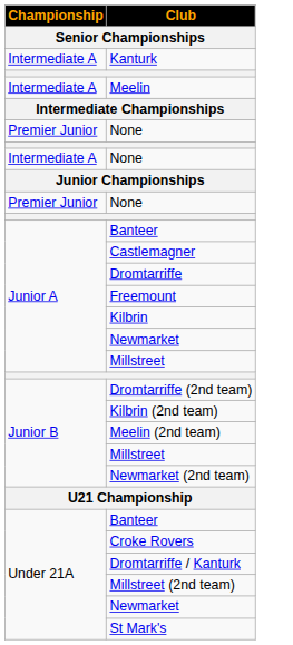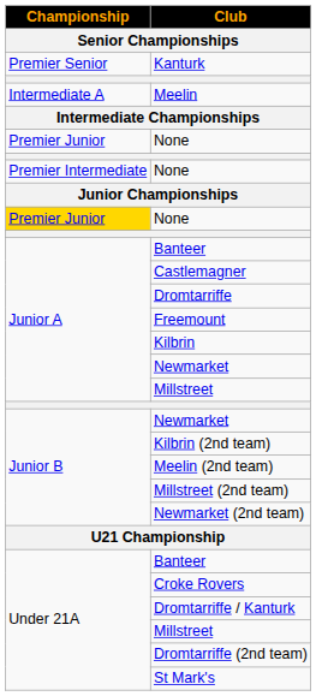 <table class="wikitable sortable">
 <tr>
 <th style="background:black;color:orange">Championship</th>
 <th style="background:black;color:orange">Club</th>
 </tr>
 <tr>
 <th colspan="2">Senior Championships</th>
 </tr>
 <tr>
-<td><a href='#'>Intermediate A</a></td>
+<td><a href='#'>Premier Senior</a></td>
 <td> <a href='#'>Kanturk</a></td>
 </tr>
 <tr>
 <th colspan="2"></th>
 </tr>
 <tr>
 <td><a href='#'>Intermediate A</a></td>
 <td> <a href='#'>Meelin</a></td>
 </tr>
 <tr>
 <th colspan="2">Intermediate Championships</th>
 </tr>
 <tr>
 <td><a href='#'>Premier Junior</a></td>
 <td>None</td>
 </tr>
 <tr>
 <th colspan="2"></th>
 </tr>
 <tr>
-<td><a href='#'>Intermediate A</a></td>
+<td><a href='#'>Premier Intermediate</a></td>
 <td>None</td>
 </tr>
 <tr>
 <th colspan="2">Junior Championships</th>
 </tr>
 <tr>
-<td><a href='#'>Premier Junior</a></td>
+<td style="background: gold;"><a href='#'>Premier Junior</a></td>
 <td>None</td>
 </tr>
 <tr>
 <th colspan="2"></th>
 </tr>
 <tr>
 <td rowspan="7"><a href='#'>Junior A</a></td>
 <td> <a href='#'>Banteer</a></td>
 </tr>
 <tr>
 <td> <a href='#'>Castlemagner</a></td>
 </tr>
 <tr>
 <td> <a href='#'>Dromtarriffe</a></td>
 </tr>
 <tr>
 <td> <a href='#'>Freemount</a></td>
 </tr>
 <tr>
 <td> <a href='#'>Kilbrin</a></td>
 </tr>
 <tr>
 <td> <a href='#'>Newmarket</a></td>
 </tr>
 <tr>
 <td> <a href='#'>Millstreet</a></td>
 </tr>
 <tr>
 <th colspan="2"></th>
 </tr>
 <tr>
 <td rowspan="5"><a href='#'>Junior B</a></td>
-<td> <a href='#'>Dromtarriffe</a> (2nd team)</td>
+<td> <a href='#'>Newmarket</a></td>
 </tr>
 <tr>
 <td> <a href='#'>Kilbrin</a> (2nd team)</td>
 </tr>
 <tr>
 <td> <a href='#'>Meelin</a> (2nd team)</td>
 </tr>
 <tr>
-<td> <a href='#'>Millstreet</a></td>
+<td> <a href='#'>Millstreet</a> (2nd team)</td>
 </tr>
 <tr>
 <td> <a href='#'>Newmarket</a> (2nd team)</td>
 </tr>
 <tr>
 <th colspan="2">U21 Championship</th>
 </tr>
 <tr>
 <td rowspan="6">Under 21A</td>
 <td> <a href='#'>Banteer</a></td>
 </tr>
 <tr>
 <td> <a href='#'>Croke Rovers</a></td>
 </tr>
 <tr>
 <td> <a href='#'>Dromtarriffe</a> / <a href='#'>Kanturk</a></td>
 </tr>
 <tr>
-<td> <a href='#'>Millstreet</a> (2nd team)</td>
+<td> <a href='#'>Millstreet</a></td>
 </tr>
 <tr>
-<td> <a href='#'>Newmarket</a></td>
+<td> <a href='#'>Dromtarriffe</a> (2nd team)</td>
 </tr>
 <tr>
 <td> <a href='#'>St Mark's</a></td>
 </tr>
 </table>
